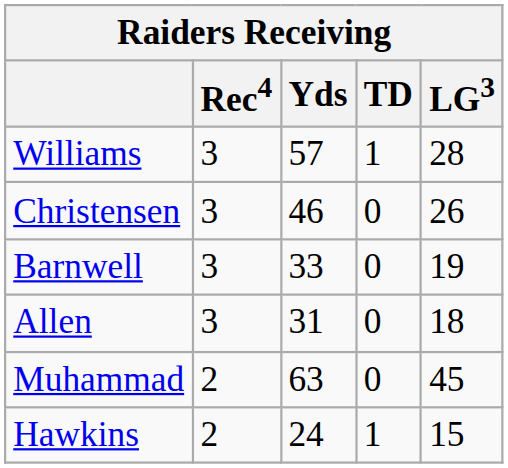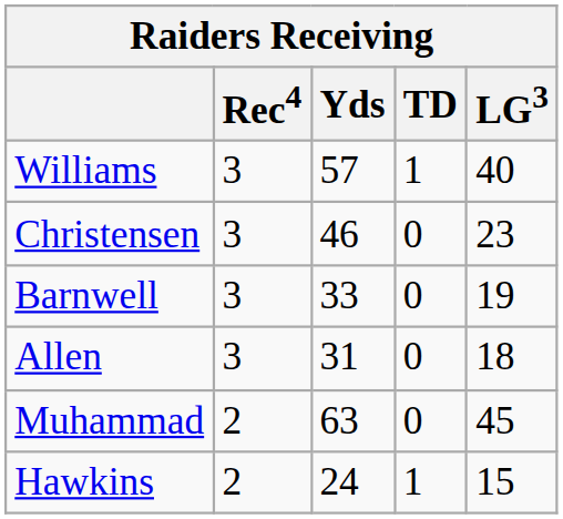 <table class="wikitable">
 <tr>
 <th colspan="5">Raiders Receiving</th>
 </tr>
 <tr>
 <th></th>
 <th>Rec<sup>4</sup></th>
 <th>Yds</th>
 <th>TD</th>
 <th>LG<sup>3</sup></th>
 </tr>
 <tr>
 <td><a href='#'>Williams</a></td>
 <td>3</td>
 <td>57</td>
 <td>1</td>
-<td>28</td>
+<td>40</td>
 </tr>
 <tr>
 <td><a href='#'>Christensen</a></td>
 <td>3</td>
 <td>46</td>
 <td>0</td>
-<td>26</td>
+<td>23</td>
 </tr>
 <tr>
 <td><a href='#'>Barnwell</a></td>
 <td>3</td>
 <td>33</td>
 <td>0</td>
 <td>19</td>
 </tr>
 <tr>
 <td><a href='#'>Allen</a></td>
 <td>3</td>
 <td>31</td>
 <td>0</td>
 <td>18</td>
 </tr>
 <tr>
 <td><a href='#'>Muhammad</a></td>
 <td>2</td>
 <td>63</td>
 <td>0</td>
 <td>45</td>
 </tr>
 <tr>
 <td><a href='#'>Hawkins</a></td>
 <td>2</td>
 <td>24</td>
 <td>1</td>
 <td>15</td>
 </tr>
 </table>
